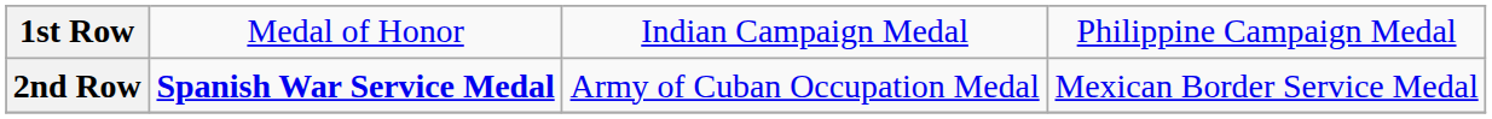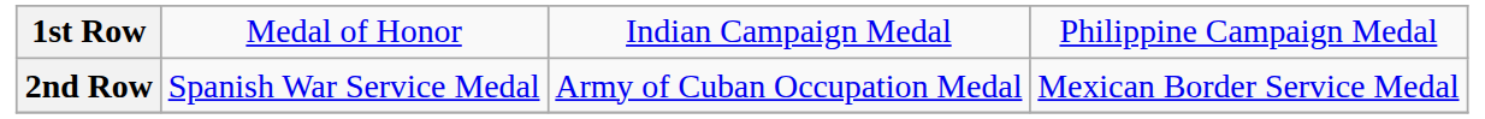 <table class="wikitable" style="margin:1em auto; text-align:center;">
 <tr>
 <th>1st Row</th>
 <td colspan="1"><a href='#'>Medal of Honor</a></td>
 <td><a href='#'>Indian Campaign Medal</a></td>
 <td><a href='#'>Philippine Campaign Medal</a></td>
 </tr>
 <tr>
 <th>2nd Row</th>
-<td><strong><a href='#'>Spanish War Service Medal</a></strong></td>
+<td><a href='#'>Spanish War Service Medal</a></td>
 <td><a href='#'>Army of Cuban Occupation Medal</a></td>
 <td><a href='#'>Mexican Border Service Medal</a></td>
 </tr>
 <tr>
 </tr>
 </table>
